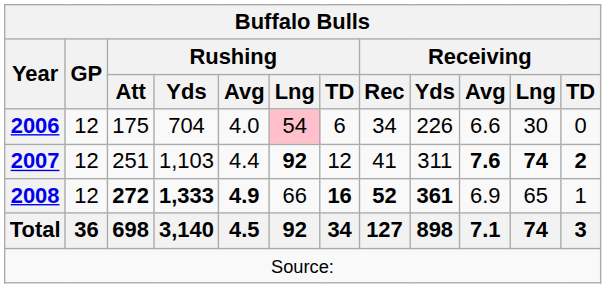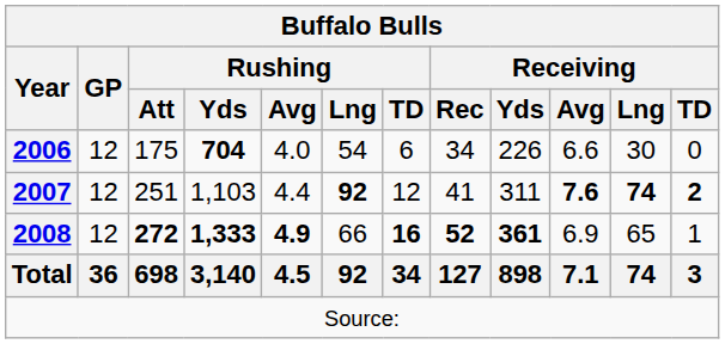 <table class="wikitable" style="text-align: center;">
 <tr>
 <th colspan="12">Buffalo Bulls</th>
 </tr>
 <tr>
 <th rowspan="2">Year</th>
 <th rowspan="2">GP</th>
 <th colspan="5">Rushing</th>
 <th colspan="5">Receiving</th>
 </tr>
 <tr>
 <th>Att</th>
 <th>Yds</th>
 <th>Avg</th>
 <th>Lng</th>
 <th>TD</th>
 <th>Rec</th>
 <th>Yds</th>
 <th>Avg</th>
 <th>Lng</th>
 <th>TD</th>
 </tr>
 <tr>
 <th><a href='#'>2006</a></th>
 <td>12</td>
 <td>175</td>
-<td>704</td>
+<td><strong>704</strong></td>
 <td>4.0</td>
-<td style="background: pink;">54</td>
+<td>54</td>
 <td>6</td>
 <td>34</td>
 <td>226</td>
 <td>6.6</td>
 <td>30</td>
 <td>0</td>
 </tr>
 <tr>
 <th><a href='#'>2007</a></th>
 <td>12</td>
 <td>251</td>
 <td>1,103</td>
 <td>4.4</td>
 <td><strong>92</strong></td>
 <td>12</td>
 <td>41</td>
 <td>311</td>
 <td><strong>7.6</strong></td>
 <td><strong>74</strong></td>
 <td><strong>2</strong></td>
 </tr>
 <tr>
 <th><a href='#'>2008</a></th>
 <td>12</td>
 <td><strong>272</strong></td>
 <td><strong>1,333</strong></td>
 <td><strong>4.9</strong></td>
 <td>66</td>
 <td><strong>16</strong></td>
 <td><strong>52</strong></td>
 <td><strong>361</strong></td>
 <td>6.9</td>
 <td>65</td>
 <td>1</td>
 </tr>
 <tr>
 <th>Total</th>
 <th>36</th>
 <th>698</th>
 <th>3,140</th>
 <th>4.5</th>
 <th>92</th>
 <th>34</th>
 <th>127</th>
 <th>898</th>
 <th>7.1</th>
 <th>74</th>
 <th>3</th>
 </tr>
 <tr>
 <td colspan="13"><small>Source: </small></td>
 </tr>
 </table>
